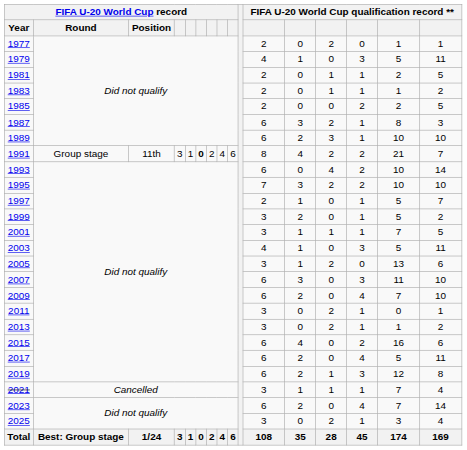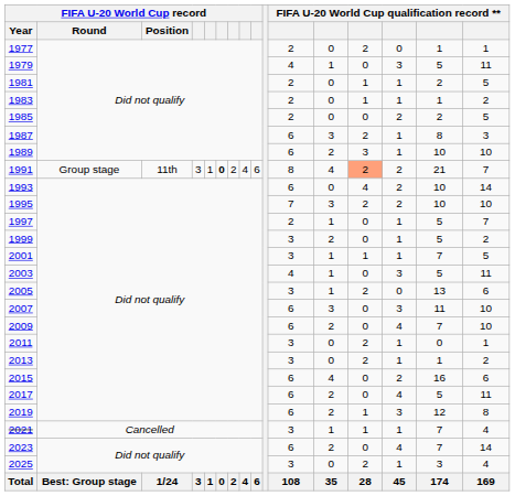 <table class="wikitable" style="text-align: center;">
 <tr>
 <th colspan=9><a href='#'>FIFA U-20 World Cup</a> record</th>
 <th width=1% rowspan=29></th>
 <th colspan=6>FIFA U-20 World Cup qualification record **</th>
 </tr>
 <tr>
 <th>Year</th>
 <th>Round</th>
 <th>Position</th>
 <th></th>
 <th></th>
 <th></th>
 <th></th>
 <th></th>
 <th></th>
 <th></th>
 <th></th>
 <th></th>
 <th></th>
 <th></th>
 <th></th>
 </tr>
 <tr>
 <td> <a href='#'>1977</a></td>
 <td colspan=8 rowspan=7><em>Did not qualify</em></td>
 <td>2</td>
 <td>0</td>
 <td>2</td>
 <td>0</td>
 <td>1</td>
 <td>1</td>
 </tr>
 <tr>
 <td> <a href='#'>1979</a></td>
 <td>4</td>
 <td>1</td>
 <td>0</td>
 <td>3</td>
 <td>5</td>
 <td>11</td>
 </tr>
 <tr>
 <td> <a href='#'>1981</a></td>
 <td>2</td>
 <td>0</td>
 <td>1</td>
 <td>1</td>
 <td>2</td>
 <td>5</td>
 </tr>
 <tr>
 <td> <a href='#'>1983</a></td>
 <td>2</td>
 <td>0</td>
 <td>1</td>
 <td>1</td>
 <td>1</td>
 <td>2</td>
 </tr>
 <tr>
 <td> <a href='#'>1985</a></td>
 <td>2</td>
 <td>0</td>
 <td>0</td>
 <td>2</td>
 <td>2</td>
 <td>5</td>
 </tr>
 <tr>
 <td> <a href='#'>1987</a></td>
 <td>6</td>
 <td>3</td>
 <td>2</td>
 <td>1</td>
 <td>8</td>
 <td>3</td>
 </tr>
 <tr>
 <td> <a href='#'>1989</a></td>
 <td>6</td>
 <td>2</td>
 <td>3</td>
 <td>1</td>
 <td>10</td>
 <td>10</td>
 </tr>
 <tr>
 <td> <a href='#'>1991</a></td>
 <td>Group stage</td>
 <td>11th</td>
 <td>3</td>
 <td>1</td>
 <td><strong>0</strong></td>
 <td>2</td>
 <td>4</td>
 <td>6</td>
 <td>8</td>
 <td>4</td>
-<td>2</td>
+<td style="background: lightsalmon;">2</td>
 <td>2</td>
 <td>21</td>
 <td>7</td>
 </tr>
 <tr>
 <td> <a href='#'>1993</a></td>
 <td colspan=8 rowspan=14><em>Did not qualify</em></td>
 <td>6</td>
 <td>0</td>
 <td>4</td>
 <td>2</td>
 <td>10</td>
 <td>14</td>
 </tr>
 <tr>
 <td> <a href='#'>1995</a></td>
 <td>7</td>
 <td>3</td>
 <td>2</td>
 <td>2</td>
 <td>10</td>
 <td>10</td>
 </tr>
 <tr>
 <td> <a href='#'>1997</a></td>
 <td>2</td>
 <td>1</td>
 <td>0</td>
 <td>1</td>
 <td>5</td>
 <td>7</td>
 </tr>
 <tr>
 <td> <a href='#'>1999</a></td>
 <td>3</td>
 <td>2</td>
 <td>0</td>
 <td>1</td>
 <td>5</td>
 <td>2</td>
 </tr>
 <tr>
 <td> <a href='#'>2001</a></td>
 <td>3</td>
 <td>1</td>
 <td>1</td>
 <td>1</td>
 <td>7</td>
 <td>5</td>
 </tr>
 <tr>
 <td> <a href='#'>2003</a></td>
 <td>4</td>
 <td>1</td>
 <td>0</td>
 <td>3</td>
 <td>5</td>
 <td>11</td>
 </tr>
 <tr>
 <td> <a href='#'>2005</a></td>
 <td>3</td>
 <td>1</td>
 <td>2</td>
 <td>0</td>
 <td>13</td>
 <td>6</td>
 </tr>
 <tr>
 <td> <a href='#'>2007</a></td>
 <td>6</td>
 <td>3</td>
 <td>0</td>
 <td>3</td>
 <td>11</td>
 <td>10</td>
 </tr>
 <tr>
 <td> <a href='#'>2009</a></td>
 <td>6</td>
 <td>2</td>
 <td>0</td>
 <td>4</td>
 <td>7</td>
 <td>10</td>
 </tr>
 <tr>
 <td> <a href='#'>2011</a></td>
 <td>3</td>
 <td>0</td>
 <td>2</td>
 <td>1</td>
 <td>0</td>
 <td>1</td>
 </tr>
 <tr>
 <td> <a href='#'>2013</a></td>
 <td>3</td>
 <td>0</td>
 <td>2</td>
 <td>1</td>
 <td>1</td>
 <td>2</td>
 </tr>
 <tr>
 <td> <a href='#'>2015</a></td>
 <td>6</td>
 <td>4</td>
 <td>0</td>
 <td>2</td>
 <td>16</td>
 <td>6</td>
 </tr>
 <tr>
 <td> <a href='#'>2017</a></td>
 <td>6</td>
 <td>2</td>
 <td>0</td>
 <td>4</td>
 <td>5</td>
 <td>11</td>
 </tr>
 <tr>
 <td> <a href='#'>2019</a></td>
 <td>6</td>
 <td>2</td>
 <td>1</td>
 <td>3</td>
 <td>12</td>
 <td>8</td>
 </tr>
 <tr>
 <td> <s><a href='#'>2021</a></s></td>
 <td colspan=8 rowspan=1><em>Cancelled</em></td>
 <td>3</td>
 <td>1</td>
 <td>1</td>
 <td>1</td>
 <td>7</td>
 <td>4</td>
 </tr>
 <tr>
 <td> <a href='#'>2023</a></td>
 <td colspan=8 rowspan=2><em>Did not qualify</em></td>
 <td>6</td>
 <td>2</td>
 <td>0</td>
 <td>4</td>
 <td>7</td>
 <td>14</td>
 </tr>
 <tr>
 <td> <a href='#'>2025</a></td>
 <td>3</td>
 <td>0</td>
 <td>2</td>
 <td>1</td>
 <td>3</td>
 <td>4</td>
 </tr>
 <tr>
 <th>Total</th>
 <th>Best: Group stage</th>
 <th>1/24</th>
 <th>3</th>
 <th>1</th>
 <th>0</th>
 <th>2</th>
 <th>4</th>
 <th>6</th>
 <th>108</th>
 <th>35</th>
 <th>28</th>
 <th>45</th>
 <th>174</th>
 <th>169</th>
 </tr>
 </table>
